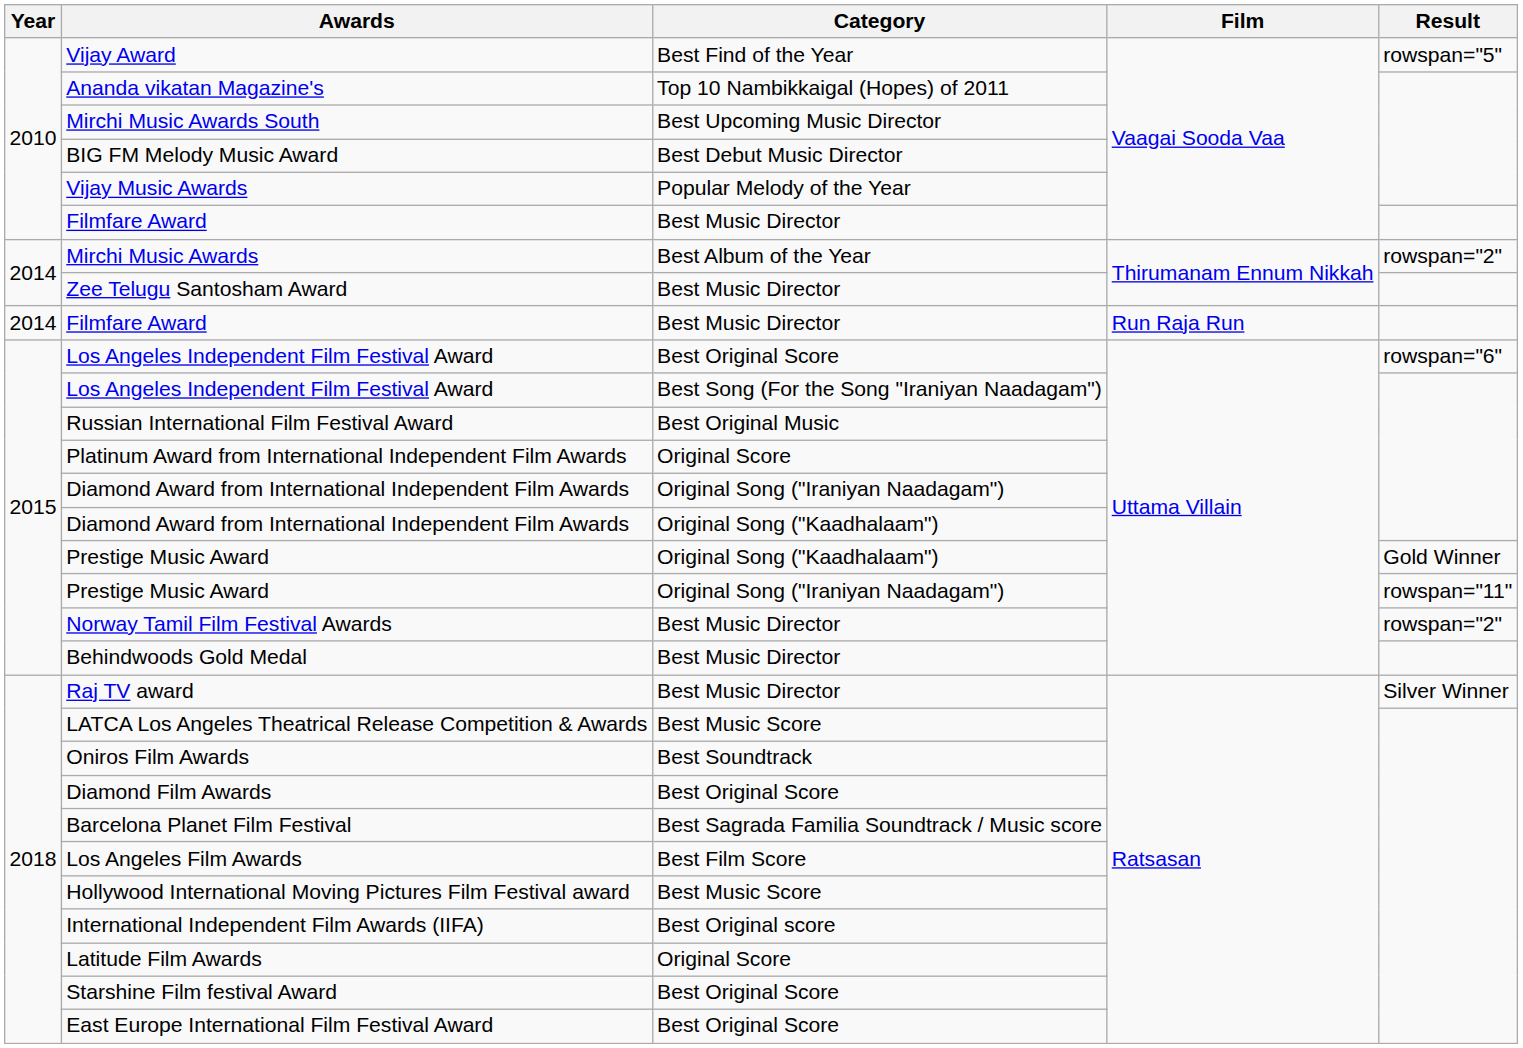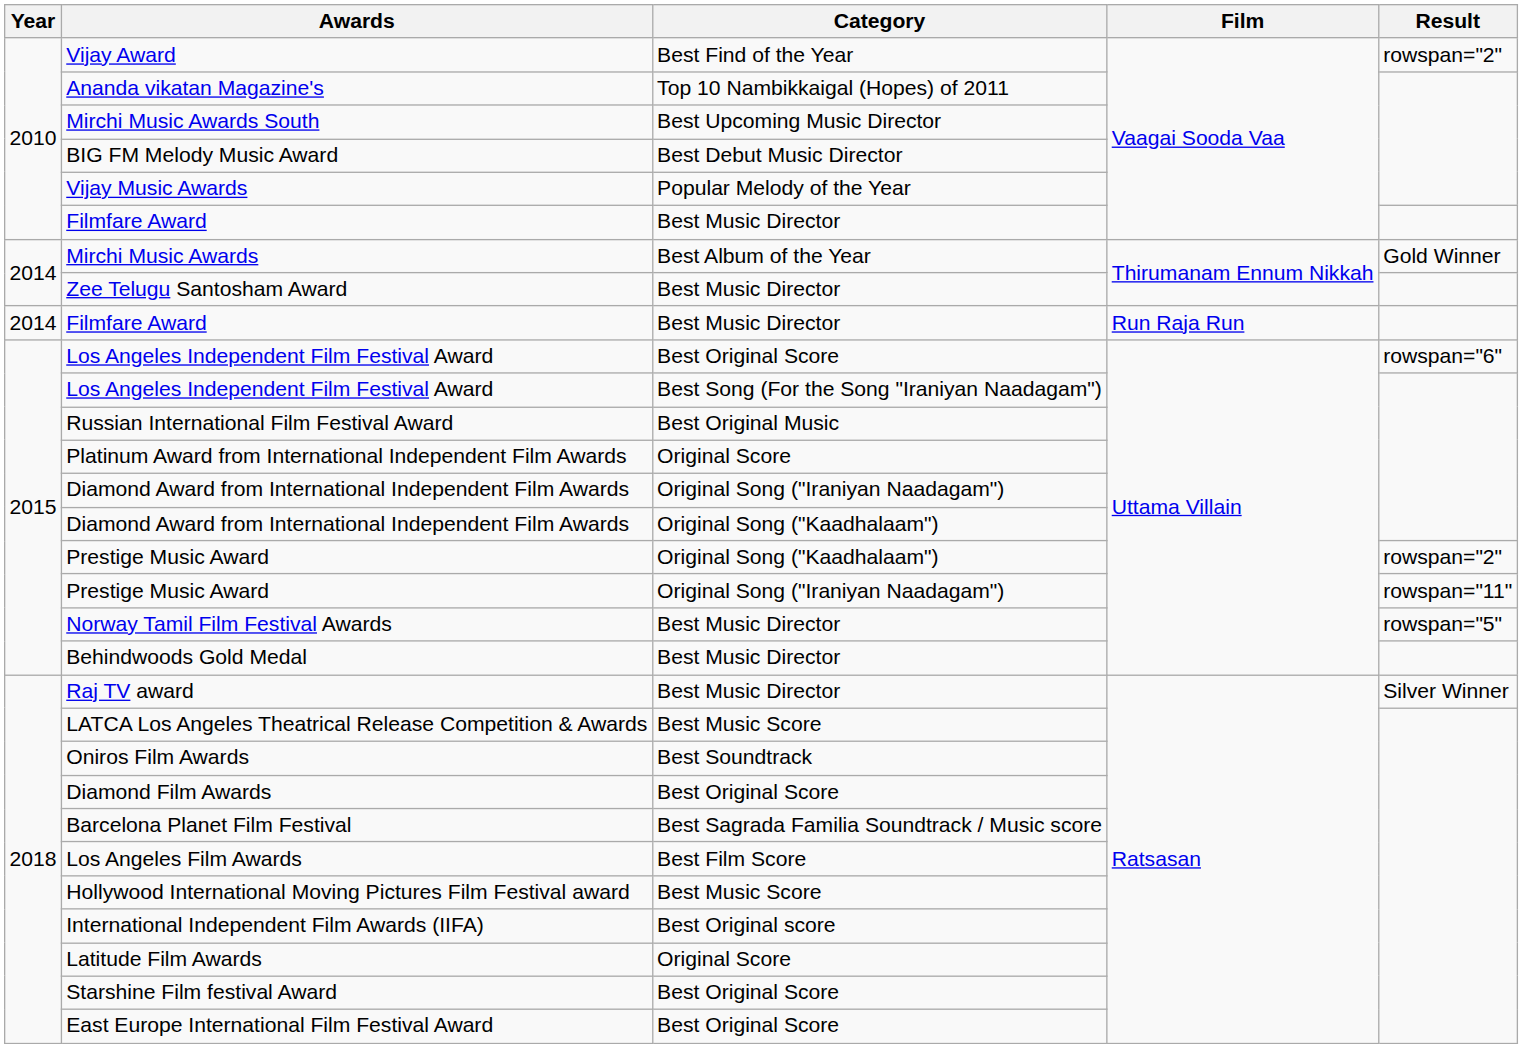 <table class="wikitable">
 <tr>
 <th>Year</th>
 <th><strong>Awards</strong></th>
 <th><strong>Category</strong></th>
 <th><strong>Film</strong></th>
 <th><strong>Result</strong></th>
 </tr>
 <tr>
 <td rowspan="6">2010</td>
 <td><a href='#'>Vijay Award</a></td>
 <td>Best Find of the Year</td>
 <td rowspan="6"><a href='#'>Vaagai Sooda Vaa</a></td>
-<td>rowspan="5" </td>
+<td>rowspan="2" </td>
 </tr>
 <tr>
 <td><a href='#'>Ananda vikatan Magazine's</a></td>
 <td>Top 10 Nambikkaigal (Hopes) of 2011</td>
 </tr>
 <tr>
 <td><a href='#'>Mirchi Music Awards South</a></td>
 <td>Best Upcoming Music Director</td>
 </tr>
 <tr>
 <td>BIG FM Melody Music Award</td>
 <td>Best Debut Music Director</td>
 </tr>
 <tr>
 <td><a href='#'>Vijay Music Awards</a></td>
 <td>Popular Melody of the Year</td>
 </tr>
 <tr>
 <td><a href='#'>Filmfare Award</a></td>
 <td>Best Music Director</td>
 <td></td>
 </tr>
 <tr>
 <td rowspan="2">2014</td>
 <td><a href='#'>Mirchi Music Awards</a></td>
 <td>Best Album of the Year</td>
 <td rowspan="2"><a href='#'>Thirumanam Ennum Nikkah</a></td>
-<td>rowspan="2" </td>
+<td>Gold Winner</td>
 </tr>
 <tr>
 <td><a href='#'>Zee Telugu</a> Santosham Award</td>
 <td>Best Music Director</td>
 </tr>
 <tr>
 <td>2014</td>
 <td><a href='#'>Filmfare Award</a></td>
 <td>Best Music Director</td>
 <td><a href='#'>Run Raja Run</a></td>
 <td></td>
 </tr>
 <tr>
 <td rowspan="10">2015</td>
 <td><a href='#'>Los Angeles Independent Film Festival</a> Award</td>
 <td>Best Original Score</td>
 <td rowspan="10"><a href='#'>Uttama Villain</a></td>
 <td>rowspan="6" </td>
 </tr>
 <tr>
 <td><a href='#'>Los Angeles Independent Film Festival</a> Award</td>
 <td>Best Song (For the Song "Iraniyan Naadagam")</td>
 </tr>
 <tr>
 <td>Russian International Film Festival Award</td>
 <td>Best Original Music</td>
 </tr>
 <tr>
 <td>Platinum Award from International Independent Film Awards</td>
 <td>Original Score</td>
 </tr>
 <tr>
 <td>Diamond Award from International Independent Film Awards</td>
 <td>Original Song ("Iraniyan Naadagam")</td>
 </tr>
 <tr>
 <td>Diamond Award from International Independent Film Awards</td>
 <td>Original Song ("Kaadhalaam")</td>
 </tr>
 <tr>
 <td>Prestige Music Award</td>
 <td>Original Song ("Kaadhalaam")</td>
-<td>Gold Winner</td>
+<td>rowspan="2" </td>
 </tr>
 <tr>
 <td>Prestige Music Award</td>
 <td>Original Song ("Iraniyan Naadagam")</td>
 <td>rowspan="11" </td>
 </tr>
 <tr>
 <td><a href='#'>Norway Tamil Film Festival</a> Awards</td>
 <td>Best Music Director</td>
-<td>rowspan="2" </td>
+<td>rowspan="5" </td>
 </tr>
 <tr>
 <td>Behindwoods Gold Medal</td>
 <td>Best Music Director</td>
 </tr>
 <tr>
 <td rowspan="11">2018</td>
 <td><a href='#'>Raj TV</a> award</td>
 <td>Best Music Director</td>
 <td rowspan="11"><a href='#'>Ratsasan</a></td>
 <td>Silver Winner</td>
 </tr>
 <tr>
 <td>LATCA Los Angeles Theatrical Release Competition & Awards</td>
 <td>Best Music Score</td>
 </tr>
 <tr>
 <td>Oniros Film Awards</td>
 <td>Best Soundtrack</td>
 </tr>
 <tr>
 <td>Diamond Film Awards</td>
 <td>Best Original Score</td>
 </tr>
 <tr>
 <td>Barcelona Planet Film Festival</td>
 <td>Best Sagrada Familia Soundtrack / Music score</td>
 </tr>
 <tr>
 <td>Los Angeles Film Awards</td>
 <td>Best Film Score</td>
 </tr>
 <tr>
 <td>Hollywood International Moving Pictures Film Festival award</td>
 <td>Best Music Score</td>
 </tr>
 <tr>
 <td>International Independent Film Awards (IIFA)</td>
 <td>Best Original score</td>
 </tr>
 <tr>
 <td>Latitude Film Awards</td>
 <td>Original Score</td>
 </tr>
 <tr>
 <td>Starshine Film festival Award</td>
 <td>Best Original Score</td>
 </tr>
 <tr>
 <td>East Europe International Film Festival Award</td>
 <td>Best Original Score</td>
 </tr>
 </table>
